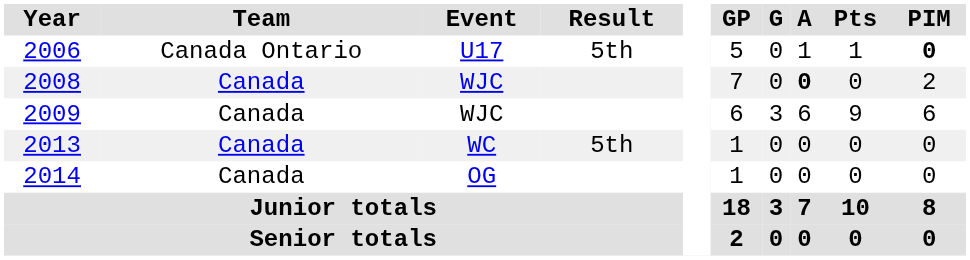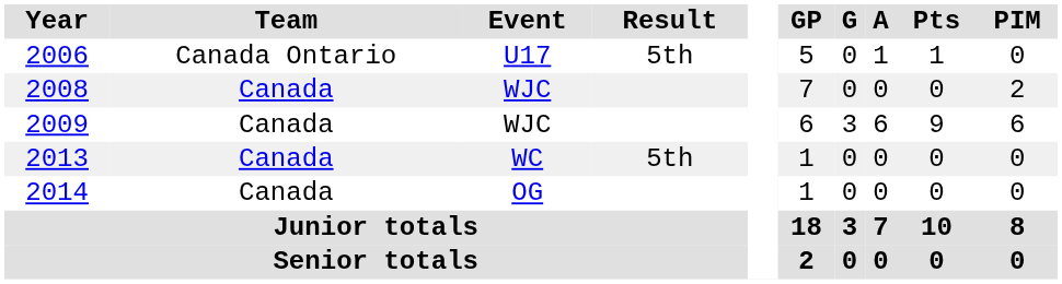 <table border="0" cellpadding="1" cellspacing="0" style="text-align:center; width:40em">
 <tr ALIGN="centre" bgcolor="#e0e0e0">
 <th>Year</th>
 <th>Team</th>
 <th>Event</th>
 <th>Result</th>
 <th rowspan="99" bgcolor="#ffffff"> </th>
 <th>GP</th>
 <th>G</th>
 <th>A</th>
 <th>Pts</th>
 <th>PIM</th>
 </tr>
 <tr>
 <td><a href='#'>2006</a></td>
 <td>Canada Ontario</td>
 <td><a href='#'>U17</a></td>
 <td>5th</td>
 <td>5</td>
 <td>0</td>
 <td>1</td>
 <td>1</td>
-<td><strong>0</strong></td>
+<td>0</td>
 </tr>
 <tr bgcolor="#f0f0f0">
 <td><a href='#'>2008</a></td>
 <td><a href='#'>Canada</a></td>
 <td><a href='#'>WJC</a></td>
 <td></td>
 <td>7</td>
 <td>0</td>
-<td><strong>0</strong></td>
+<td>0</td>
 <td>0</td>
 <td>2</td>
 </tr>
 <tr>
 <td><a href='#'>2009</a></td>
 <td>Canada</td>
 <td>WJC</td>
 <td></td>
 <td>6</td>
 <td>3</td>
 <td>6</td>
 <td>9</td>
 <td>6</td>
 </tr>
 <tr bgcolor="#f0f0f0">
 <td><a href='#'>2013</a></td>
 <td><a href='#'>Canada</a></td>
 <td><a href='#'>WC</a></td>
 <td>5th</td>
 <td>1</td>
 <td>0</td>
 <td>0</td>
 <td>0</td>
 <td>0</td>
 </tr>
 <tr>
 <td><a href='#'>2014</a></td>
 <td>Canada</td>
 <td><a href='#'>OG</a></td>
 <td></td>
 <td>1</td>
 <td>0</td>
 <td>0</td>
 <td>0</td>
 <td>0</td>
 </tr>
 <tr bgcolor="#e0e0e0">
 <th colspan="4">Junior totals</th>
 <th>18</th>
 <th>3</th>
 <th>7</th>
 <th>10</th>
 <th>8</th>
 </tr>
 <tr bgcolor="#e0e0e0">
 <th colspan="4">Senior totals</th>
 <th>2</th>
 <th>0</th>
 <th>0</th>
 <th>0</th>
 <th>0</th>
 </tr>
 </table>
